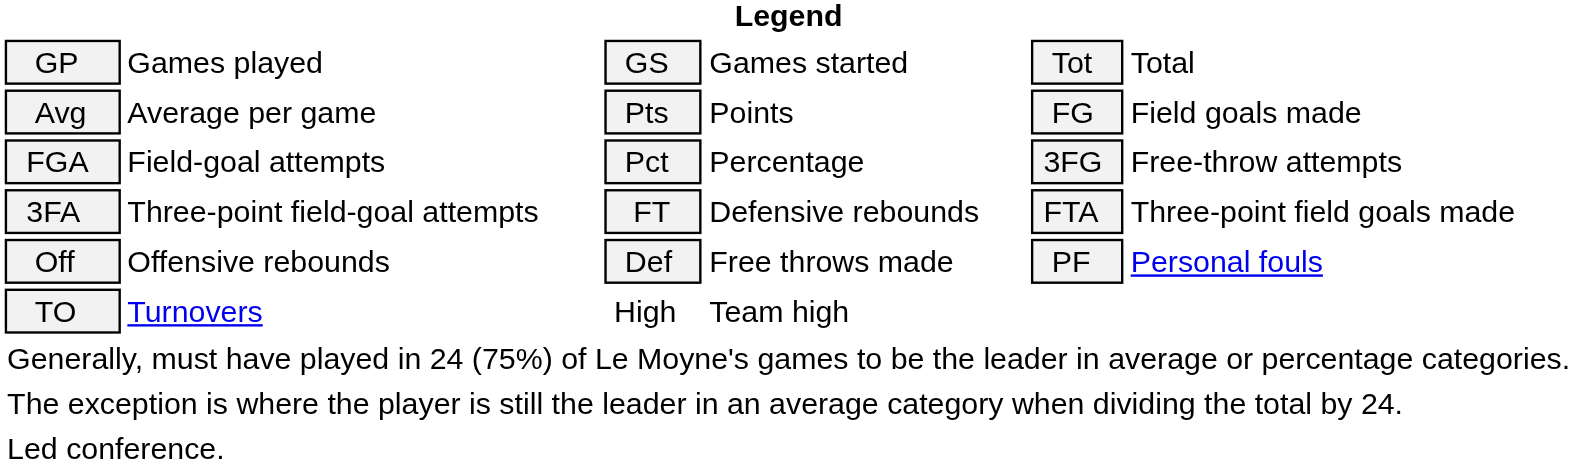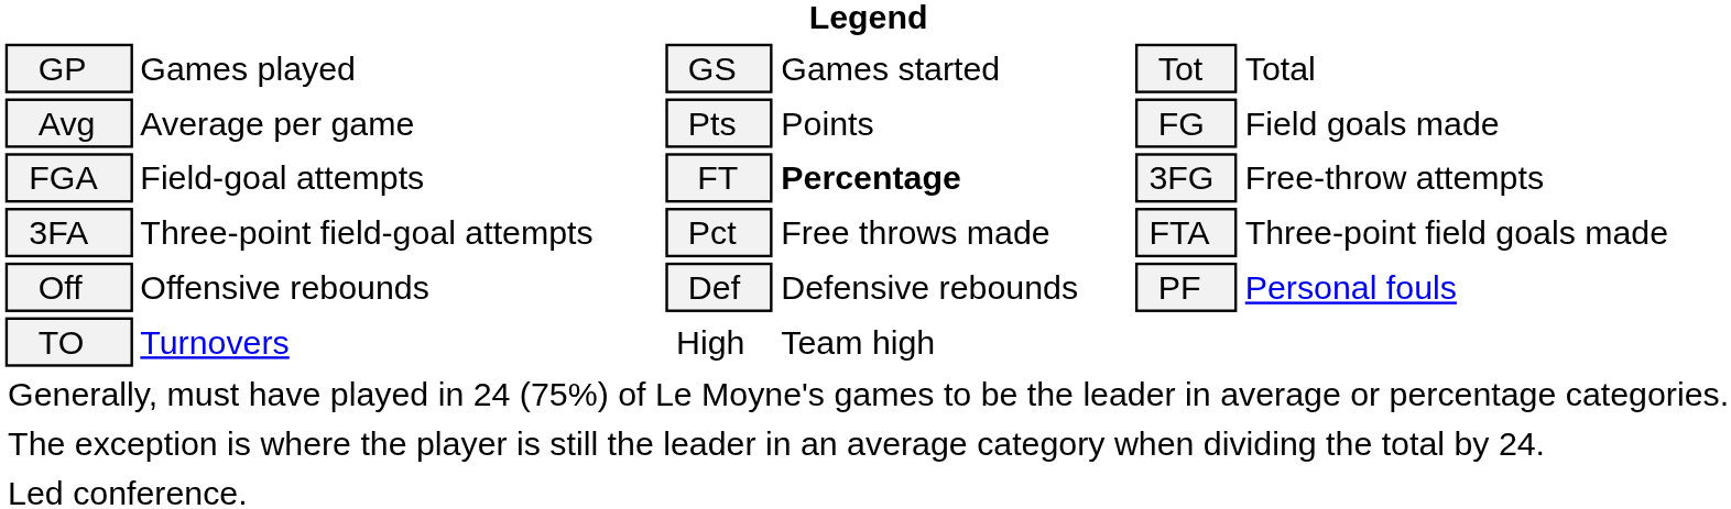 <table class="toccolours" style="font-size: 80%; white-space: nowrap;">
 <tr>
 <th colspan="6">Legend</th>
 </tr>
 <tr>
 <td style="background-color: #F2F2F2; border: 1px solid black;">   GP </td>
 <td>Games played</td>
 <td style="background-color: #F2F2F2; border: 1px solid black">  GS </td>
 <td>Games started</td>
 <td style="background-color: #F2F2F2; border: 1px solid black">  Tot </td>
 <td>Total</td>
 </tr>
 <tr>
 <td style="background-color: #F2F2F2; border: 1px solid black">   Avg </td>
 <td>Average per game</td>
 <td style="background-color: #F2F2F2; border: 1px solid black">  Pts </td>
 <td>Points</td>
 <td style="background-color: #F2F2F2; border: 1px solid black">  FG </td>
 <td style="padding-right: 8px">Field goals made</td>
 </tr>
 <tr>
 <td style="background-color: #F2F2F2; border: 1px solid black">  FGA  </td>
 <td style="padding-right: 8px">Field-goal attempts</td>
-<td style="background-color: #F2F2F2; border: 1px solid black">  Pct </td>
-<td style="padding-right: 8px">Percentage</td>
+<td style="background-color: #F2F2F2; border: 1px solid black">   FT </td>
+<td style="padding-right: 8px"><strong>Percentage</strong></td>
 <td style="background-color: #F2F2F2; border: 1px solid black"> 3FG </td>
 <td style="padding-right: 8px">Free-throw attempts</td>
 </tr>
 <tr>
 <td style="background-color: #F2F2F2; border: 1px solid black">  3FA </td>
 <td style="padding-right: 8px">Three-point field-goal attempts</td>
-<td style="background-color: #F2F2F2; border: 1px solid black">   FT </td>
-<td style="padding-right: 8px">Defensive rebounds</td>
+<td style="background-color: #F2F2F2; border: 1px solid black">  Pct </td>
+<td style="padding-right: 8px">Free throws made</td>
 <td style="background-color: #F2F2F2; border: 1px solid black"> FTA </td>
 <td style="padding-right: 8px">Three-point field goals made</td>
 </tr>
 <tr>
 <td style="background-color: #F2F2F2; border: 1px solid black;">   Off </td>
 <td>Offensive rebounds</td>
 <td style="background-color: #F2F2F2; border: 1px solid black;">  Def  </td>
-<td style="padding-right: 8px">Free throws made</td>
+<td style="padding-right: 8px">Defensive rebounds</td>
 <td style="background-color: #F2F2F2; border: 1px solid black">  PF</td>
 <td><a href='#'>Personal fouls</a></td>
 </tr>
 <tr>
 <td style="background-color: #F2F2F2; border: 1px solid black">   TO</td>
 <td><a href='#'>Turnovers</a></td>
 <td> High </td>
 <td>Team high</td>
 </tr>
 <tr>
 <td colspan="6";>Generally, must have played in 24 (75%) of Le Moyne's games to be the leader in average or percentage categories.</td>
 </tr>
 <tr>
 <td colspan="6";>The exception is where the player is still the leader in an average category when dividing the total by 24.</td>
 </tr>
 <tr>
 <td colspan="6";> Led conference.</td>
 </tr>
 <tr>
 </tr>
 </table>
